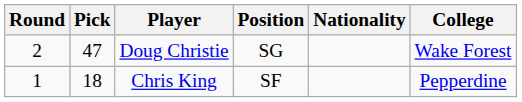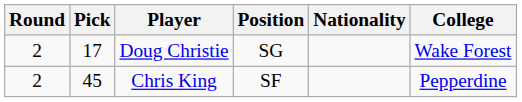 <table class="wikitable sortable sortable">
 <tr>
 <th>Round</th>
 <th>Pick</th>
 <th>Player</th>
 <th>Position</th>
 <th>Nationality</th>
 <th>College</th>
 </tr>
 <tr style="text-align: center">
 <td>2</td>
-<td>47</td>
+<td>17</td>
 <td><a href='#'>Doug Christie</a></td>
 <td>SG</td>
 <td></td>
 <td><a href='#'>Wake Forest</a></td>
 </tr>
 <tr style="text-align: center">
-<td>1</td>
-<td>18</td>
+<td>2</td>
+<td>45</td>
 <td><a href='#'>Chris King</a></td>
 <td>SF</td>
 <td></td>
 <td><a href='#'>Pepperdine</a></td>
 </tr>
 </table>
